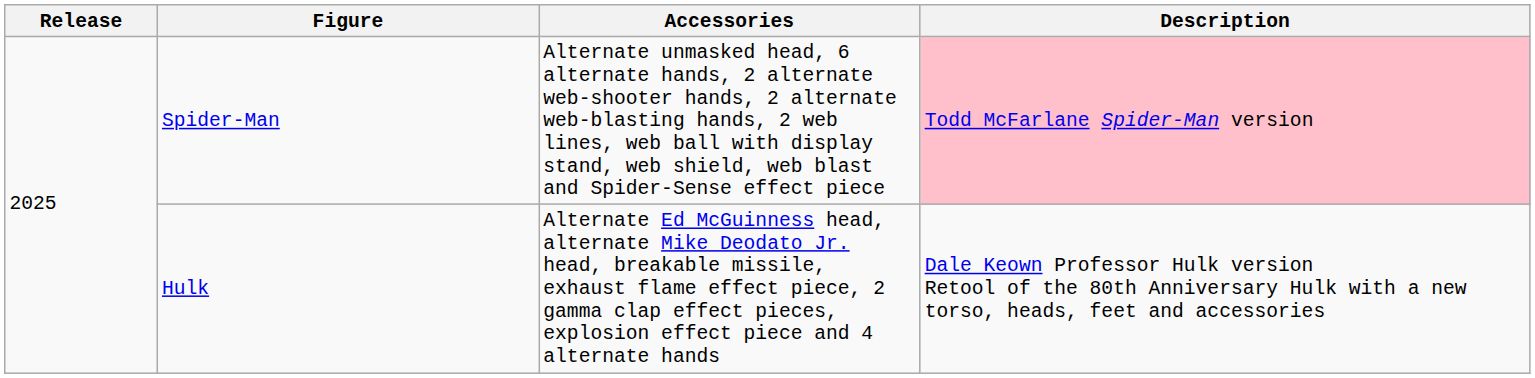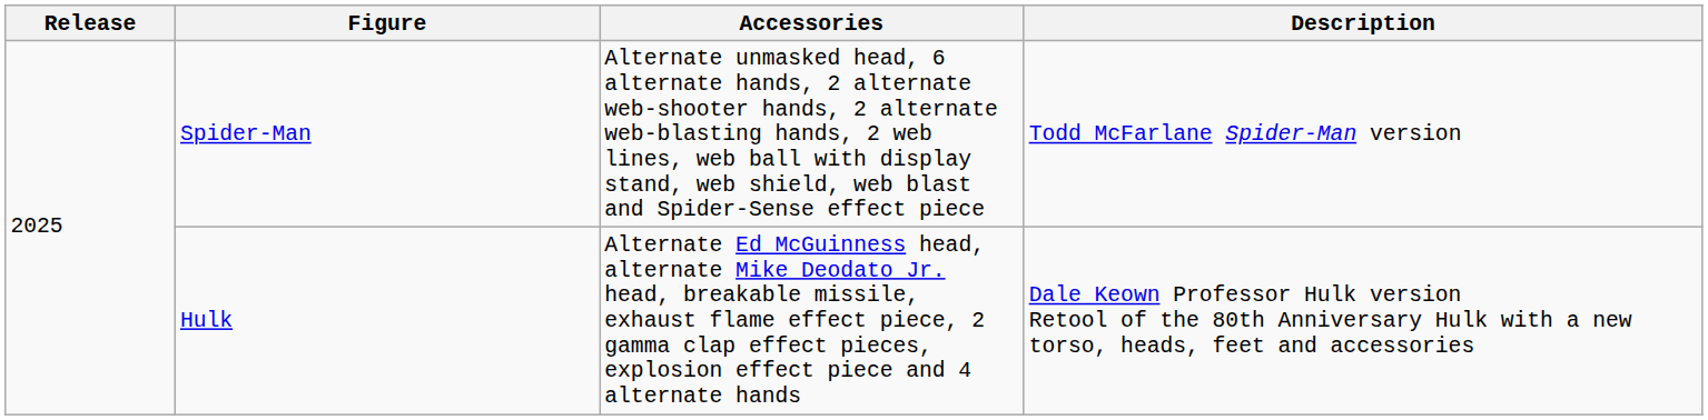 <table class="wikitable" style="width:80%;">
 <tr>
 <th width=10%>Release</th>
 <th width=25%>Figure</th>
 <th width=25%>Accessories</th>
 <th width=40%>Description</th>
 </tr>
 <tr>
 <td rowspan=2>2025</td>
 <td><a href='#'>Spider-Man</a></td>
 <td>Alternate unmasked head, 6 alternate hands, 2 alternate web-shooter hands, 2 alternate web-blasting hands, 2 web lines, web ball with display stand, web shield, web blast and Spider-Sense effect piece</td>
-<td style="background: pink;"><a href='#'>Todd McFarlane</a> <em><a href='#'>Spider-Man</a></em> version</td>
+<td><a href='#'>Todd McFarlane</a> <em><a href='#'>Spider-Man</a></em> version</td>
 </tr>
 <tr>
 <td><a href='#'>Hulk</a></td>
 <td>Alternate <a href='#'>Ed McGuinness</a> head, alternate <a href='#'>Mike Deodato Jr.</a> head, breakable missile, exhaust flame effect piece, 2 gamma clap effect pieces, explosion effect piece and 4 alternate hands</td>
 <td><a href='#'>Dale Keown</a> Professor Hulk version<br>Retool of the 80th Anniversary Hulk with a new torso, heads, feet and accessories</td>
 </tr>
 </table>
